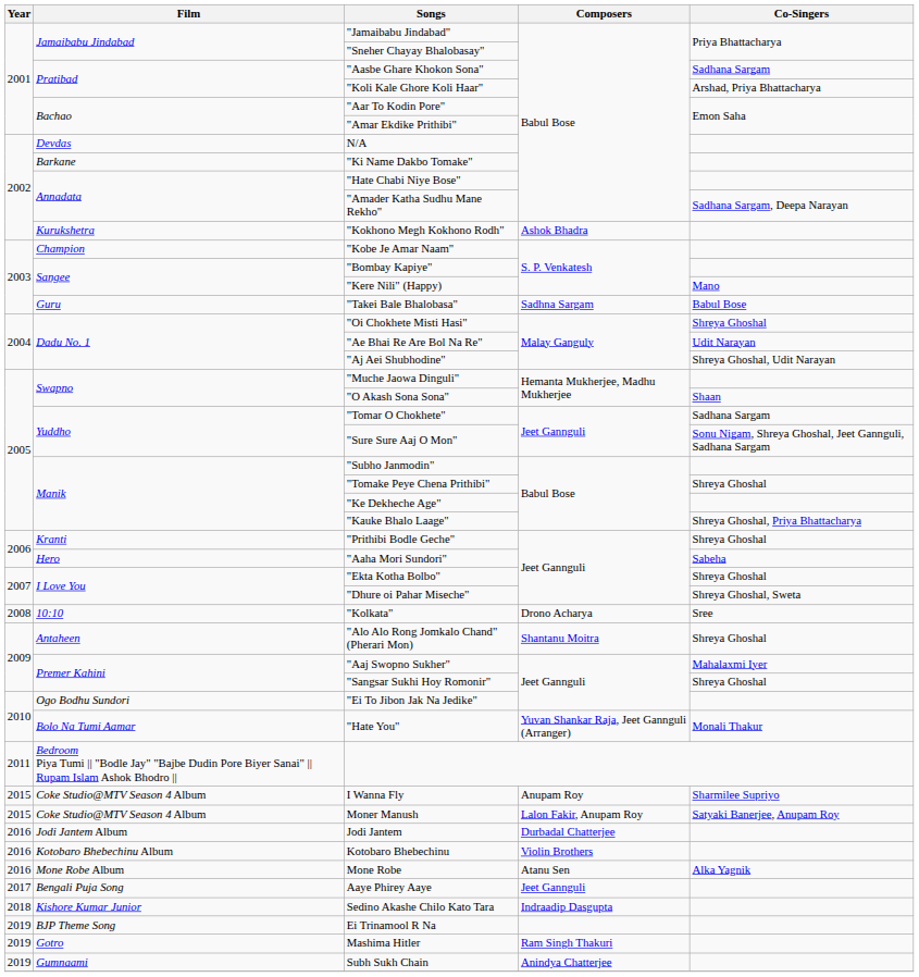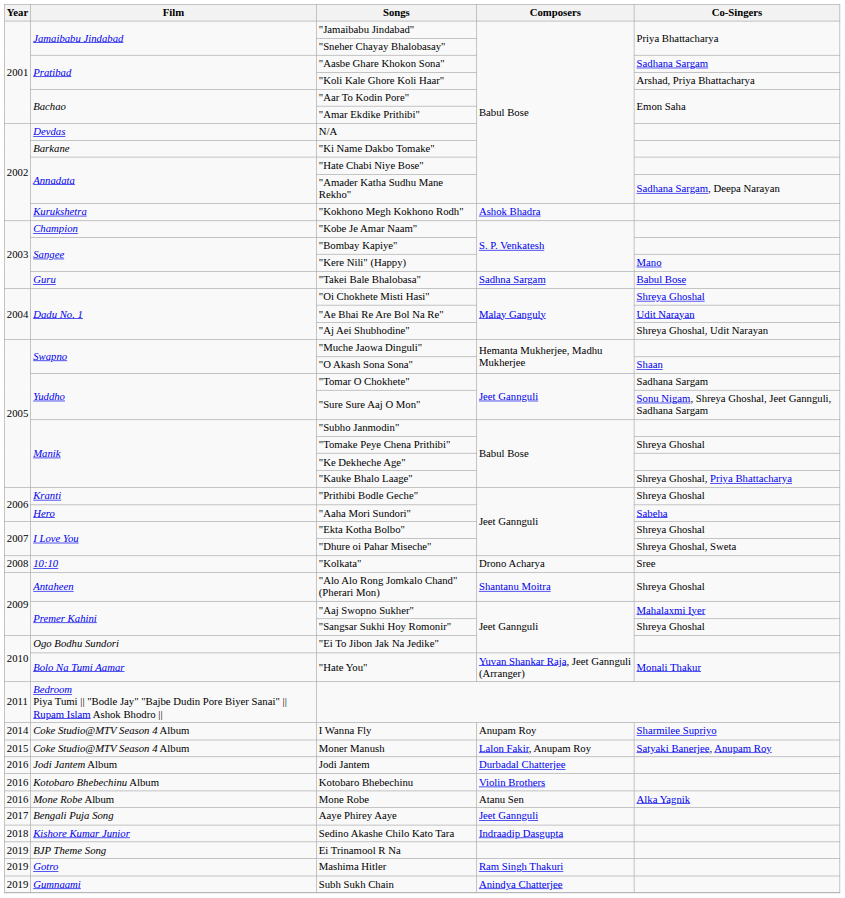 <table class="wikitable sortable">
 <tr>
 <th>Year</th>
 <th>Film</th>
 <th>Songs</th>
 <th>Composers</th>
 <th>Co-Singers</th>
 </tr>
 <tr>
 <td rowspan="6">2001</td>
 <td rowspan="2"><em><a href='#'>Jamaibabu Jindabad</a></em></td>
 <td>"Jamaibabu Jindabad"</td>
 <td rowspan=10>Babul Bose</td>
 <td rowspan=2>Priya Bhattacharya</td>
 </tr>
 <tr>
 <td>"Sneher Chayay Bhalobasay"</td>
 </tr>
 <tr>
 <td rowspan=2><em><a href='#'>Pratibad</a></em></td>
 <td>"Aasbe Ghare Khokon Sona"</td>
 <td><a href='#'>Sadhana Sargam</a></td>
 </tr>
 <tr>
 <td>"Koli Kale Ghore Koli Haar"</td>
 <td>Arshad, Priya Bhattacharya</td>
 </tr>
 <tr>
 <td rowspan=2><em>Bachao</em></td>
 <td>"Aar To Kodin Pore"</td>
 <td rowspan=2>Emon Saha</td>
 </tr>
 <tr>
 <td>"Amar Ekdike Prithibi"</td>
 </tr>
 <tr>
 <td rowspan="5">2002</td>
 <td><em><a href='#'>Devdas</a></em></td>
 <td>N/A</td>
 <td></td>
 </tr>
 <tr>
 <td><em>Barkane</em></td>
 <td>"Ki Name Dakbo Tomake"</td>
 <td></td>
 </tr>
 <tr>
 <td rowspan="2"><em><a href='#'>Annadata</a></em></td>
 <td>"Hate Chabi Niye Bose"</td>
 <td></td>
 </tr>
 <tr>
 <td>"Amader Katha Sudhu Mane Rekho"</td>
 <td><a href='#'>Sadhana Sargam</a>, Deepa Narayan</td>
 </tr>
 <tr>
 <td><em><a href='#'>Kurukshetra</a></em></td>
 <td>"Kokhono Megh Kokhono Rodh"</td>
 <td><a href='#'>Ashok Bhadra</a></td>
 <td></td>
 </tr>
 <tr>
 <td rowspan="4">2003</td>
 <td><em><a href='#'>Champion</a></em></td>
 <td>"Kobe Je Amar Naam"</td>
 <td rowspan=3><a href='#'>S. P. Venkatesh</a></td>
 <td></td>
 </tr>
 <tr>
 <td rowspan="2"><em><a href='#'>Sangee</a></em></td>
 <td>"Bombay Kapiye"</td>
 <td></td>
 </tr>
 <tr>
 <td>"Kere Nili" (Happy)</td>
 <td><a href='#'>Mano</a></td>
 </tr>
 <tr>
 <td><em><a href='#'>Guru</a></em></td>
 <td>"Takei Bale Bhalobasa"</td>
 <td><a href='#'>Sadhna Sargam</a></td>
 <td><a href='#'>Babul Bose</a></td>
 </tr>
 <tr>
 <td rowspan="3">2004</td>
 <td rowspan="3"><em><a href='#'>Dadu No. 1</a></em></td>
 <td>"Oi Chokhete Misti Hasi"</td>
 <td rowspan=3><a href='#'>Malay Ganguly</a></td>
 <td><a href='#'>Shreya Ghoshal</a></td>
 </tr>
 <tr>
 <td>"Ae Bhai Re Are Bol Na Re"</td>
 <td><a href='#'>Udit Narayan</a></td>
 </tr>
 <tr>
 <td>"Aj Aei Shubhodine"</td>
 <td>Shreya Ghoshal, Udit Narayan</td>
 </tr>
 <tr>
 <td rowspan="8">2005</td>
 <td rowspan="2"><em><a href='#'>Swapno</a></em></td>
 <td>"Muche Jaowa Dinguli"</td>
 <td rowspan=2>Hemanta Mukherjee, Madhu Mukherjee</td>
 <td></td>
 </tr>
 <tr>
 <td>"O Akash Sona Sona"</td>
 <td><a href='#'>Shaan</a></td>
 </tr>
 <tr>
 <td rowspan="2"><em><a href='#'>Yuddho</a></em></td>
 <td>"Tomar O Chokhete"</td>
 <td rowspan=2><a href='#'>Jeet Gannguli</a></td>
 <td>Sadhana Sargam</td>
 </tr>
 <tr>
 <td>"Sure Sure Aaj O Mon"</td>
 <td><a href='#'>Sonu Nigam</a>, Shreya Ghoshal, Jeet Gannguli, Sadhana Sargam</td>
 </tr>
 <tr>
 <td rowspan="4"><em><a href='#'>Manik</a></em></td>
 <td>"Subho Janmodin"</td>
 <td Rowspan=4>Babul Bose</td>
 <td></td>
 </tr>
 <tr>
 <td>"Tomake Peye Chena Prithibi"</td>
 <td>Shreya Ghoshal</td>
 </tr>
 <tr>
 <td>"Ke Dekheche Age"</td>
 <td></td>
 </tr>
 <tr>
 <td>"Kauke Bhalo Laage"</td>
 <td>Shreya Ghoshal, <a href='#'>Priya Bhattacharya</a></td>
 </tr>
 <tr>
 <td rowspan="2">2006</td>
 <td><em><a href='#'>Kranti</a></em></td>
 <td>"Prithibi Bodle Geche"</td>
 <td rowspan=4>Jeet Gannguli</td>
 <td>Shreya Ghoshal</td>
 </tr>
 <tr>
 <td><em><a href='#'>Hero</a></em></td>
 <td>"Aaha Mori Sundori"</td>
 <td><a href='#'>Sabeha</a></td>
 </tr>
 <tr>
 <td rowspan="2">2007</td>
 <td rowspan="2"><em><a href='#'>I Love You</a></em></td>
 <td>"Ekta Kotha Bolbo"</td>
 <td>Shreya Ghoshal</td>
 </tr>
 <tr>
 <td>"Dhure oi Pahar Miseche"</td>
 <td>Shreya Ghoshal, Sweta</td>
 </tr>
 <tr>
 <td>2008</td>
 <td><em><a href='#'>10:10</a></em></td>
 <td>"Kolkata"</td>
 <td>Drono Acharya</td>
 <td>Sree</td>
 </tr>
 <tr>
 <td rowspan="3">2009</td>
 <td><em><a href='#'>Antaheen</a></em></td>
 <td>"Alo Alo Rong Jomkalo Chand" (Pherari Mon)</td>
 <td><a href='#'>Shantanu Moitra</a></td>
 <td>Shreya Ghoshal</td>
 </tr>
 <tr>
 <td rowspan="2"><em><a href='#'>Premer Kahini</a></em></td>
 <td>"Aaj Swopno Sukher"</td>
 <td rowspan=3>Jeet Gannguli</td>
 <td><a href='#'>Mahalaxmi Iyer</a></td>
 </tr>
 <tr>
 <td>"Sangsar Sukhi Hoy Romonir"</td>
 <td>Shreya Ghoshal</td>
 </tr>
 <tr>
 <td rowspan="2">2010</td>
 <td><em>Ogo Bodhu Sundori</em></td>
 <td>"Ei To Jibon Jak Na Jedike"</td>
 <td></td>
 </tr>
 <tr>
 <td><em><a href='#'>Bolo Na Tumi Aamar</a></em></td>
 <td>"Hate You"</td>
 <td><a href='#'>Yuvan Shankar Raja</a>, Jeet Gannguli (Arranger)</td>
 <td><a href='#'>Monali Thakur</a></td>
 </tr>
 <tr>
 <td>2011</td>
 <td><em><a href='#'>Bedroom</a></em><br>Piya Tumi || "Bodle Jay" "Bajbe Dudin Pore Biyer Sanai" || <a href='#'>Rupam Islam</a> Ashok Bhodro ||</td>
 </tr>
 <tr>
-<td>2015</td>
+<td>2014</td>
 <td><em>Coke Studio@MTV Season 4</em> Album</td>
 <td>I Wanna Fly</td>
 <td>Anupam Roy</td>
 <td><a href='#'>Sharmilee Supriyo</a></td>
 </tr>
 <tr>
 <td>2015</td>
 <td><em>Coke Studio@MTV Season 4</em> Album</td>
 <td>Moner Manush</td>
 <td><a href='#'>Lalon Fakir</a>, Anupam Roy</td>
 <td><a href='#'>Satyaki Banerjee</a>, <a href='#'>Anupam Roy</a></td>
 </tr>
 <tr>
 <td>2016</td>
 <td><em>Jodi Jantem</em> Album</td>
 <td>Jodi Jantem</td>
 <td><a href='#'>Durbadal Chatterjee</a></td>
 <td></td>
 </tr>
 <tr>
 <td>2016</td>
 <td><em>Kotobaro Bhebechinu</em> Album</td>
 <td>Kotobaro Bhebechinu</td>
 <td><a href='#'>Violin Brothers</a></td>
 <td></td>
 </tr>
 <tr>
 <td>2016</td>
 <td><em>Mone Robe</em> Album</td>
 <td>Mone Robe</td>
 <td>Atanu Sen</td>
 <td><a href='#'>Alka Yagnik</a></td>
 </tr>
 <tr>
 <td>2017</td>
 <td><em>Bengali Puja Song</em></td>
 <td>Aaye Phirey Aaye</td>
 <td><a href='#'>Jeet Gannguli</a></td>
 <td></td>
 </tr>
 <tr>
 <td>2018</td>
 <td><em><a href='#'>Kishore Kumar Junior</a></em></td>
 <td>Sedino Akashe Chilo Kato Tara</td>
 <td><a href='#'>Indraadip Dasgupta</a></td>
 <td></td>
 </tr>
 <tr>
 <td>2019</td>
 <td><em>BJP Theme Song</em></td>
 <td>Ei Trinamool R Na</td>
 <td></td>
 <td></td>
 </tr>
 <tr>
 <td>2019</td>
 <td><em><a href='#'>Gotro</a></em></td>
 <td>Mashima Hitler</td>
 <td><a href='#'>Ram Singh Thakuri</a></td>
 <td></td>
 </tr>
 <tr>
 <td>2019</td>
 <td><em><a href='#'>Gumnaami</a></em></td>
 <td>Subh Sukh Chain</td>
 <td><a href='#'>Anindya Chatterjee</a></td>
 <td></td>
 </tr>
 <tr>
 </tr>
 </table>
